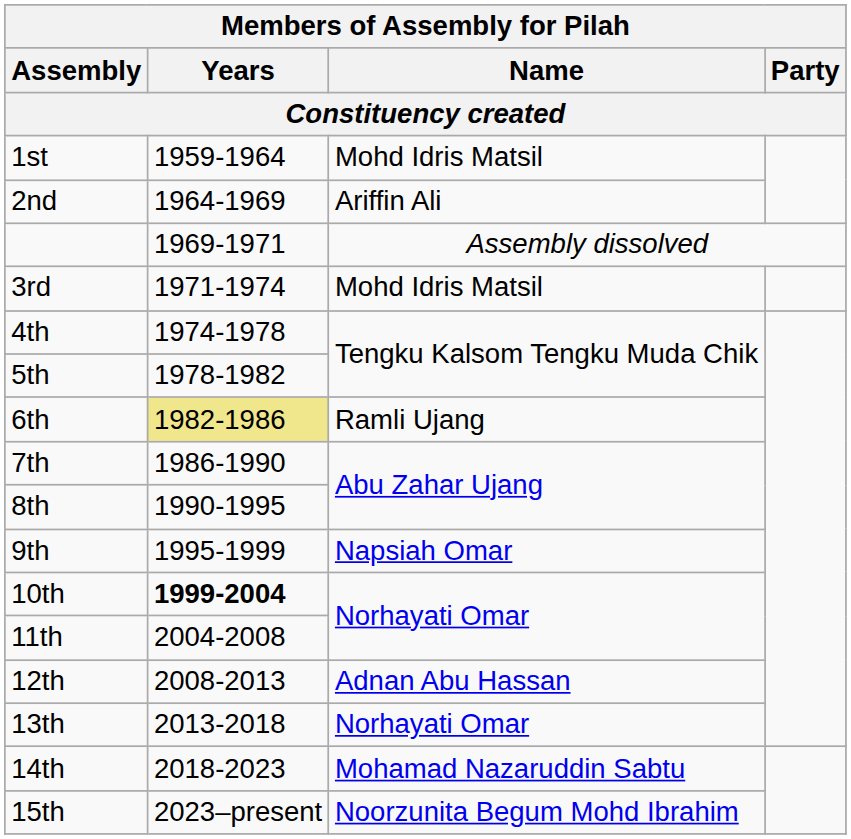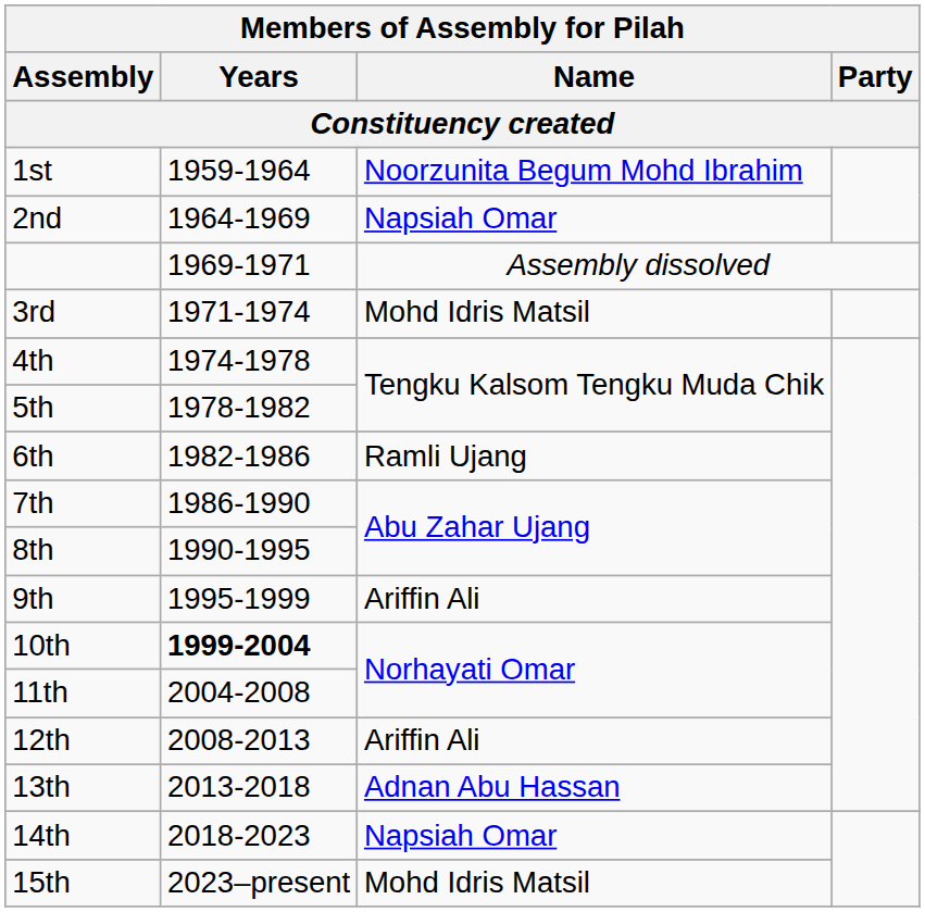 <table class="wikitable">
 <tr>
 <th colspan="4">Members of Assembly for Pilah</th>
 </tr>
 <tr>
 <th>Assembly</th>
 <th>Years</th>
 <th>Name</th>
 <th>Party</th>
 </tr>
 <tr>
 <th colspan="4"><em>Constituency created</em></th>
 </tr>
 <tr>
 <td>1st</td>
 <td>1959-1964</td>
-<td>Mohd Idris Matsil</td>
+<td><a href='#'>Noorzunita Begum Mohd Ibrahim</a></td>
 <td rowspan="2"></td>
 </tr>
 <tr>
 <td>2nd</td>
 <td>1964-1969</td>
-<td>Ariffin Ali</td>
+<td><a href='#'>Napsiah Omar</a></td>
 </tr>
 <tr>
 <td></td>
 <td>1969-1971</td>
 <td colspan=2 align=center><em>Assembly dissolved</em></td>
 </tr>
 <tr>
 <td>3rd</td>
 <td>1971-1974</td>
 <td>Mohd Idris Matsil</td>
 <td></td>
 </tr>
 <tr>
 <td>4th</td>
 <td>1974-1978</td>
 <td rowspan="2">Tengku Kalsom Tengku Muda Chik</td>
 <td rowspan="10"></td>
 </tr>
 <tr>
 <td>5th</td>
 <td>1978-1982</td>
 </tr>
 <tr>
 <td>6th</td>
-<td style="background: khaki;">1982-1986</td>
+<td>1982-1986</td>
 <td>Ramli Ujang</td>
 </tr>
 <tr>
 <td>7th</td>
 <td>1986-1990</td>
 <td rowspan="2"><a href='#'>Abu Zahar Ujang</a></td>
 </tr>
 <tr>
 <td>8th</td>
 <td>1990-1995</td>
 </tr>
 <tr>
 <td>9th</td>
 <td>1995-1999</td>
-<td><a href='#'>Napsiah Omar</a></td>
+<td>Ariffin Ali</td>
 </tr>
 <tr>
 <td>10th</td>
 <td><strong>1999-2004</strong></td>
 <td rowspan="2"><a href='#'>Norhayati Omar</a></td>
 </tr>
 <tr>
 <td>11th</td>
 <td>2004-2008</td>
 </tr>
 <tr>
 <td>12th</td>
 <td>2008-2013</td>
-<td><a href='#'>Adnan Abu Hassan</a></td>
+<td>Ariffin Ali</td>
 </tr>
 <tr>
 <td>13th</td>
 <td>2013-2018</td>
-<td><a href='#'>Norhayati Omar</a></td>
+<td><a href='#'>Adnan Abu Hassan</a></td>
 </tr>
 <tr>
 <td>14th</td>
 <td>2018-2023</td>
-<td><a href='#'>Mohamad Nazaruddin Sabtu</a></td>
+<td><a href='#'>Napsiah Omar</a></td>
 <td rowspan=2></td>
 </tr>
 <tr>
 <td>15th</td>
 <td>2023–present</td>
-<td><a href='#'>Noorzunita Begum Mohd Ibrahim</a></td>
+<td>Mohd Idris Matsil</td>
 </tr>
 </table>
